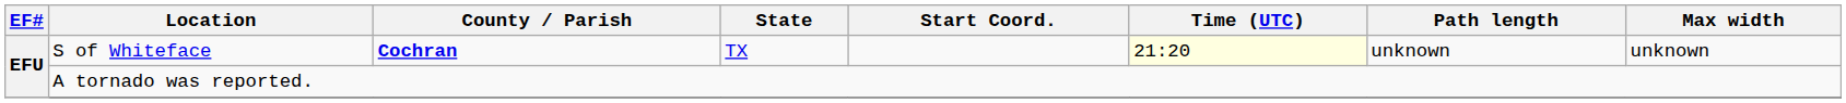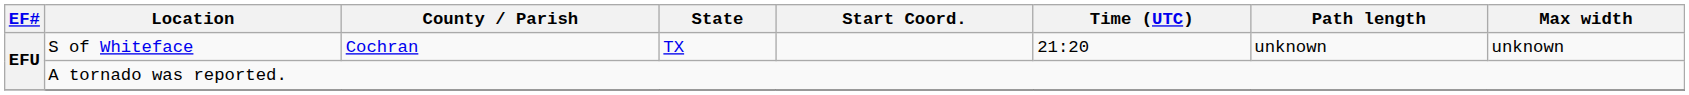 <table class="wikitable sortable" style="width:100%;">
 <tr>
 <th scope="col" width="2%" align="center"><a href='#'>EF#</a></th>
 <th scope="col" align="center" class="unsortable">Location</th>
 <th scope="col" align="center" class="unsortable">County / Parish</th>
 <th scope="col" align="center">State</th>
 <th scope="col" align="center">Start Coord.</th>
 <th scope="col" align="center">Time (<a href='#'>UTC</a>)</th>
 <th scope="col" align="center">Path length</th>
 <th scope="col" align="center">Max width</th>
 </tr>
 <tr>
 <th scope="row" rowspan="2" style="background-color:#">EFU</th>
 <td>S of <a href='#'>Whiteface</a></td>
-<td><strong><a href='#'>Cochran</a></strong></td>
+<td><a href='#'>Cochran</a></td>
 <td><a href='#'>TX</a></td>
 <td></td>
-<td style="background: lightyellow;">21:20</td>
+<td>21:20</td>
 <td>unknown</td>
 <td>unknown</td>
 </tr>
 <tr class="expand-child">
 <td colspan="8" style=" border-bottom: 1px solid black;">A tornado was reported.</td>
 </tr>
 <tr>
 </tr>
 </table>
